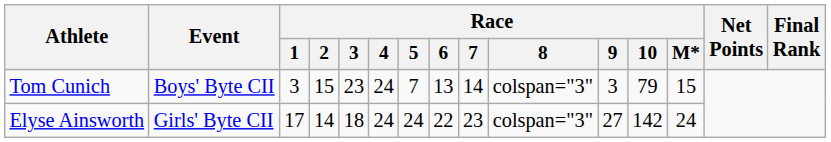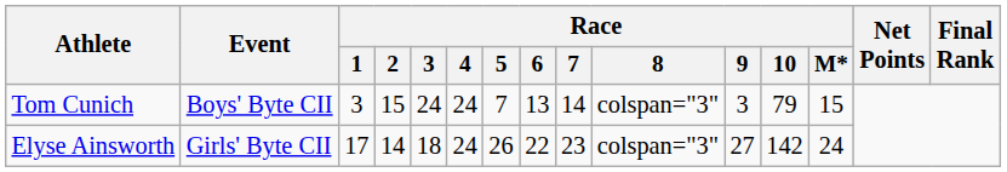 <table class="wikitable" style="font-size:90%">
 <tr>
 <th rowspan="2">Athlete</th>
 <th rowspan="2">Event</th>
 <th colspan=11>Race</th>
 <th rowspan=2>Net<br>Points</th>
 <th rowspan=2>Final <br>Rank</th>
 </tr>
 <tr style="font-size:95%">
 <th>1</th>
 <th>2</th>
 <th>3</th>
 <th>4</th>
 <th>5</th>
 <th>6</th>
 <th>7</th>
 <th>8</th>
 <th>9</th>
 <th>10</th>
 <th>M*</th>
 </tr>
 <tr align=center>
 <td align=left><a href='#'>Tom Cunich</a></td>
 <td align=left><a href='#'>Boys' Byte CII</a></td>
 <td>3</td>
 <td>15</td>
-<td>23</td>
+<td>24</td>
 <td>24</td>
 <td>7</td>
 <td>13</td>
 <td>14</td>
 <td>colspan="3" </td>
 <td>3</td>
 <td>79</td>
 <td>15</td>
 </tr>
 <tr align=center>
 <td align=left><a href='#'>Elyse Ainsworth</a></td>
 <td align=left><a href='#'>Girls' Byte CII</a></td>
 <td>17</td>
 <td>14</td>
 <td>18</td>
 <td>24</td>
-<td>24</td>
+<td>26</td>
 <td>22</td>
 <td>23</td>
 <td>colspan="3" </td>
 <td>27</td>
 <td>142</td>
 <td>24</td>
 </tr>
 </table>
